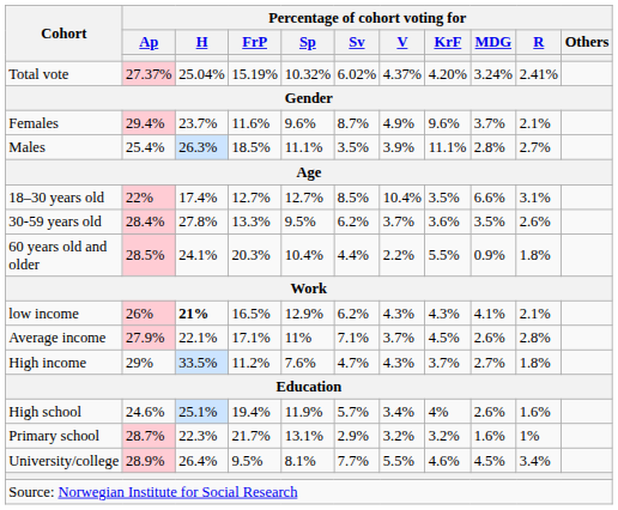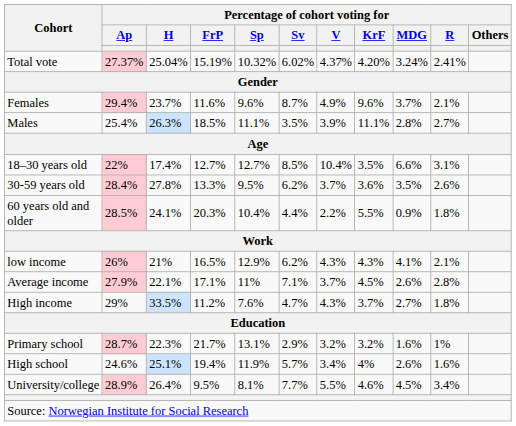 <table class="wikitable" style="font-size:95%;">
 <tr>
 <th rowspan="3">Cohort</th>
 <th colspan="10">Percentage of cohort voting for</th>
 </tr>
 <tr>
 <th scope="col" style="width:5em;"><a href='#'>Ap</a></th>
 <th scope="col" style="width:5em;"><a href='#'>H</a></th>
 <th scope="col" style="width:5em;"><a href='#'>FrP</a></th>
 <th scope="col" style="width:5em;"><a href='#'>Sp</a></th>
 <th scope="col" style="width:5em;"><a href='#'>Sv</a></th>
 <th scope="col" style="width:5em;"><a href='#'>V</a></th>
 <th scope="col" style="width:5em;"><a href='#'>KrF</a></th>
 <th scope="col" style="width:5em;"><a href='#'>MDG</a></th>
 <th scope="col" style="width:5em;"><a href='#'>R</a></th>
 <th scope="col" style="width:5em;">Others</th>
 </tr>
 <tr>
 <th style="background:"></th>
 <th style="background:"></th>
 <th style="background:"></th>
 <th style="background:"></th>
 <th style="background:"></th>
 <th style="background:"></th>
 <th style="background:"></th>
 <th style="background:"></th>
 <th style="background:"></th>
 <th style="background:"></th>
 </tr>
 <tr>
 <td>Total vote</td>
 <td style="background:#ffccd4;">27.37%</td>
 <td>25.04%</td>
 <td>15.19%</td>
 <td>10.32%</td>
 <td>6.02%</td>
 <td>4.37%</td>
 <td>4.20%</td>
 <td>3.24%</td>
 <td>2.41%</td>
 <td></td>
 </tr>
 <tr>
 <th colspan="11">Gender</th>
 </tr>
 <tr>
 <td>Females</td>
 <td style="background:#ffccd4;">29.4%</td>
 <td>23.7%</td>
 <td>11.6%</td>
 <td>9.6%</td>
 <td>8.7%</td>
 <td>4.9%</td>
 <td>9.6%</td>
 <td>3.7%</td>
 <td>2.1%</td>
 <td></td>
 </tr>
 <tr>
 <td>Males</td>
 <td>25.4%</td>
 <td style="background:#cce4ff;">26.3%</td>
 <td>18.5%</td>
 <td>11.1%</td>
 <td>3.5%</td>
 <td>3.9%</td>
 <td>11.1%</td>
 <td>2.8%</td>
 <td>2.7%</td>
 <td></td>
 </tr>
 <tr>
 <th colspan="11">Age</th>
 </tr>
 <tr>
 <td>18–30 years old</td>
 <td style="background:#ffccd4;">22%</td>
 <td>17.4%</td>
 <td>12.7%</td>
 <td>12.7%</td>
 <td>8.5%</td>
 <td>10.4%</td>
 <td>3.5%</td>
 <td>6.6%</td>
 <td>3.1%</td>
 <td></td>
 </tr>
 <tr>
 <td>30-59 years old</td>
 <td style="background:#ffccd4;">28.4%</td>
 <td>27.8%</td>
 <td>13.3%</td>
 <td>9.5%</td>
 <td>6.2%</td>
 <td>3.7%</td>
 <td>3.6%</td>
 <td>3.5%</td>
 <td>2.6%</td>
 <td></td>
 </tr>
 <tr>
 <td>60 years old and older</td>
 <td style="background:#ffccd4;">28.5%</td>
 <td>24.1%</td>
 <td>20.3%</td>
 <td>10.4%</td>
 <td>4.4%</td>
 <td>2.2%</td>
 <td>5.5%</td>
 <td>0.9%</td>
 <td>1.8%</td>
 <td></td>
 </tr>
 <tr>
 <th colspan="11">Work</th>
 </tr>
 <tr>
 <td>low income</td>
 <td style="background:#ffccd4;">26%</td>
-<td><strong>21%</strong></td>
+<td>21%</td>
 <td>16.5%</td>
 <td>12.9%</td>
 <td>6.2%</td>
 <td>4.3%</td>
 <td>4.3%</td>
 <td>4.1%</td>
 <td>2.1%</td>
 <td></td>
 </tr>
 <tr>
 <td>Average income</td>
 <td style="background:#ffccd4;">27.9%</td>
 <td>22.1%</td>
 <td>17.1%</td>
 <td>11%</td>
 <td>7.1%</td>
 <td>3.7%</td>
 <td>4.5%</td>
 <td>2.6%</td>
 <td>2.8%</td>
 <td></td>
 </tr>
 <tr>
 <td>High income</td>
 <td>29%</td>
 <td style="background:#cce4ff;">33.5%</td>
 <td>11.2%</td>
 <td>7.6%</td>
 <td>4.7%</td>
 <td>4.3%</td>
 <td>3.7%</td>
 <td>2.7%</td>
 <td>1.8%</td>
 <td></td>
 </tr>
 <tr>
 <th colspan="11">Education</th>
 </tr>
 <tr>
+<td>Primary school</td>
+<td style="background:#ffccd4;">28.7%</td>
+<td>22.3%</td>
+<td>21.7%</td>
+<td>13.1%</td>
+<td>2.9%</td>
+<td>3.2%</td>
+<td>3.2%</td>
+<td>1.6%</td>
+<td>1%</td>
+<td></td>
+</tr>
+<tr>
 <td>High school</td>
 <td>24.6%</td>
 <td style="background:#cce4ff;">25.1%</td>
 <td>19.4%</td>
 <td>11.9%</td>
 <td>5.7%</td>
 <td>3.4%</td>
 <td>4%</td>
 <td>2.6%</td>
 <td>1.6%</td>
-<td></td>
-</tr>
-<tr>
-<td>Primary school</td>
-<td style="background:#ffccd4;">28.7%</td>
-<td>22.3%</td>
-<td>21.7%</td>
-<td>13.1%</td>
-<td>2.9%</td>
-<td>3.2%</td>
-<td>3.2%</td>
-<td>1.6%</td>
-<td>1%</td>
 <td></td>
 </tr>
 <tr>
 <td>University/college</td>
 <td style="background:#ffccd4;">28.9%</td>
 <td>26.4%</td>
 <td>9.5%</td>
 <td>8.1%</td>
 <td>7.7%</td>
 <td>5.5%</td>
 <td>4.6%</td>
 <td>4.5%</td>
 <td>3.4%</td>
 <td></td>
 </tr>
 <tr>
 <th colspan="11!"></th>
 </tr>
 <tr>
 <td colspan="11">Source: <a href='#'>Norwegian Institute for Social Research</a></td>
 </tr>
 </table>
